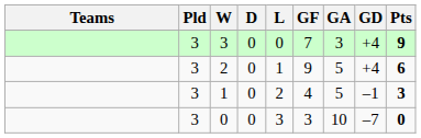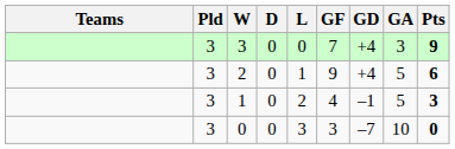 <table class="wikitable" style="text-align: center;">
 <tr>
 <th width=165>Teams</th>
 <th width=20>Pld</th>
 <th width=20>W</th>
 <th width=20>D</th>
 <th width=20>L</th>
 <th width=20>GF</th>
+<th width=20>GD</th>
 <th width=20>GA</th>
-<th width=20>GD</th>
 <th width=20>Pts</th>
 </tr>
 <tr align=center style="background:#ccffcc;">
 <td style="text-align:left;"></td>
 <td>3</td>
 <td>3</td>
 <td>0</td>
 <td>0</td>
 <td>7</td>
+<td>+4</td>
 <td>3</td>
-<td>+4</td>
 <td><strong>9</strong></td>
 </tr>
 <tr align=center>
 <td style="text-align:left;"></td>
 <td>3</td>
 <td>2</td>
 <td>0</td>
 <td>1</td>
 <td>9</td>
+<td>+4</td>
 <td>5</td>
-<td>+4</td>
 <td><strong>6</strong></td>
 </tr>
 <tr align=center>
 <td style="text-align:left;"></td>
 <td>3</td>
 <td>1</td>
 <td>0</td>
 <td>2</td>
 <td>4</td>
+<td>–1</td>
 <td>5</td>
-<td>–1</td>
 <td><strong>3</strong></td>
 </tr>
 <tr align=center>
 <td style="text-align:left;"></td>
 <td>3</td>
 <td>0</td>
 <td>0</td>
 <td>3</td>
 <td>3</td>
+<td>–7</td>
 <td>10</td>
-<td>–7</td>
 <td><strong>0</strong></td>
 </tr>
 </table>
